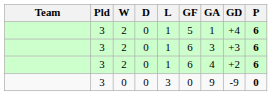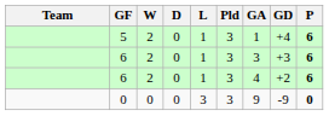 <table class="wikitable">
 <tr>
 <th width=120>Team</th>
-<th width=25>Pld</th>
+<th width=25>GF</th>
 <th width=25>W</th>
 <th width=25>D</th>
 <th width=25>L</th>
-<th width=25>GF</th>
+<th width=25>Pld</th>
 <th width=25>GA</th>
 <th width=25>GD</th>
 <th width=25>P</th>
 </tr>
 <tr align=center bgcolor=#ccffcc>
 <td align=left></td>
-<td>3</td>
+<td>5</td>
 <td>2</td>
 <td>0</td>
 <td>1</td>
-<td>5</td>
+<td>3</td>
 <td>1</td>
 <td>+4</td>
 <td><strong>6</strong></td>
 </tr>
 <tr align=center bgcolor=#ccffcc>
 <td align=left></td>
-<td>3</td>
+<td>6</td>
 <td>2</td>
 <td>0</td>
 <td>1</td>
-<td>6</td>
+<td>3</td>
 <td>3</td>
 <td>+3</td>
 <td><strong>6</strong></td>
 </tr>
 <tr align=center bgcolor=#ccffcc>
 <td align=left></td>
-<td>3</td>
+<td>6</td>
 <td>2</td>
 <td>0</td>
 <td>1</td>
-<td>6</td>
+<td>3</td>
 <td>4</td>
 <td>+2</td>
 <td><strong>6</strong></td>
 </tr>
 <tr align=center>
 <td align=left></td>
-<td>3</td>
+<td>0</td>
 <td>0</td>
 <td>0</td>
 <td>3</td>
-<td>0</td>
+<td>3</td>
 <td>9</td>
 <td>-9</td>
 <td><strong>0</strong></td>
 </tr>
 </table>
